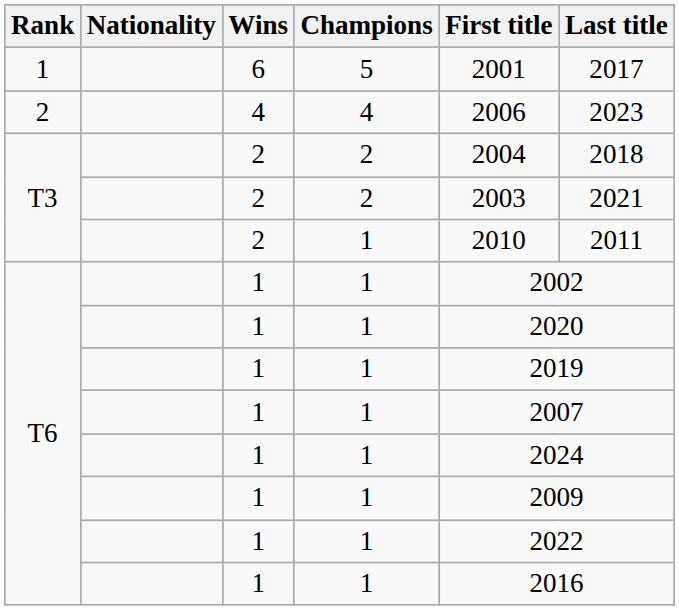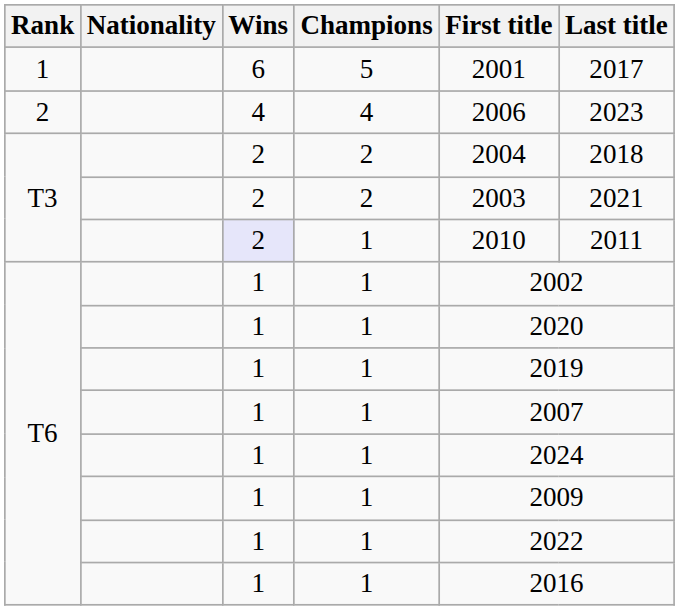 <table class="wikitable">
 <tr style="background:#efefef;">
 <th>Rank</th>
 <th>Nationality</th>
 <th>Wins</th>
 <th>Champions</th>
 <th>First title</th>
 <th>Last title</th>
 </tr>
 <tr>
 <td align=center>1</td>
 <td></td>
 <td align=center>6</td>
 <td align=center>5</td>
 <td align=center>2001</td>
 <td align=center>2017</td>
 </tr>
 <tr>
 <td align=center>2</td>
 <td></td>
 <td align=center>4</td>
 <td align=center>4</td>
 <td align=center>2006</td>
 <td align=center>2023</td>
 </tr>
 <tr>
 <td align=center rowspan=3>T3</td>
 <td></td>
 <td align=center>2</td>
 <td align=center>2</td>
 <td align=center>2004</td>
 <td align=center>2018</td>
 </tr>
 <tr>
 <td></td>
 <td align=center>2</td>
 <td align=center>2</td>
 <td align=center>2003</td>
 <td align=center>2021</td>
 </tr>
 <tr>
 <td></td>
-<td align=center>2</td>
+<td align=center style="background: lavender;">2</td>
 <td align=center>1</td>
 <td align=center>2010</td>
 <td align=center>2011</td>
 </tr>
 <tr>
 <td align=center rowspan=8>T6</td>
 <td></td>
 <td align=center>1</td>
 <td align=center>1</td>
 <td align=center colspan=2>2002</td>
 </tr>
 <tr>
 <td></td>
 <td align=center>1</td>
 <td align=center>1</td>
 <td align=center colspan=2>2020</td>
 </tr>
 <tr>
 <td></td>
 <td align=center>1</td>
 <td align=center>1</td>
 <td align=center colspan=2>2019</td>
 </tr>
 <tr>
 <td></td>
 <td align=center>1</td>
 <td align=center>1</td>
 <td align=center colspan=2>2007</td>
 </tr>
 <tr>
 <td></td>
 <td align=center>1</td>
 <td align=center>1</td>
 <td align=center colspan=2>2024</td>
 </tr>
 <tr>
 <td></td>
 <td align=center>1</td>
 <td align=center>1</td>
 <td align=center colspan=2>2009</td>
 </tr>
 <tr>
 <td></td>
 <td align=center>1</td>
 <td align=center>1</td>
 <td align=center colspan=2>2022</td>
 </tr>
 <tr>
 <td></td>
 <td align=center>1</td>
 <td align=center>1</td>
 <td align=center colspan=2>2016</td>
 </tr>
 </table>
